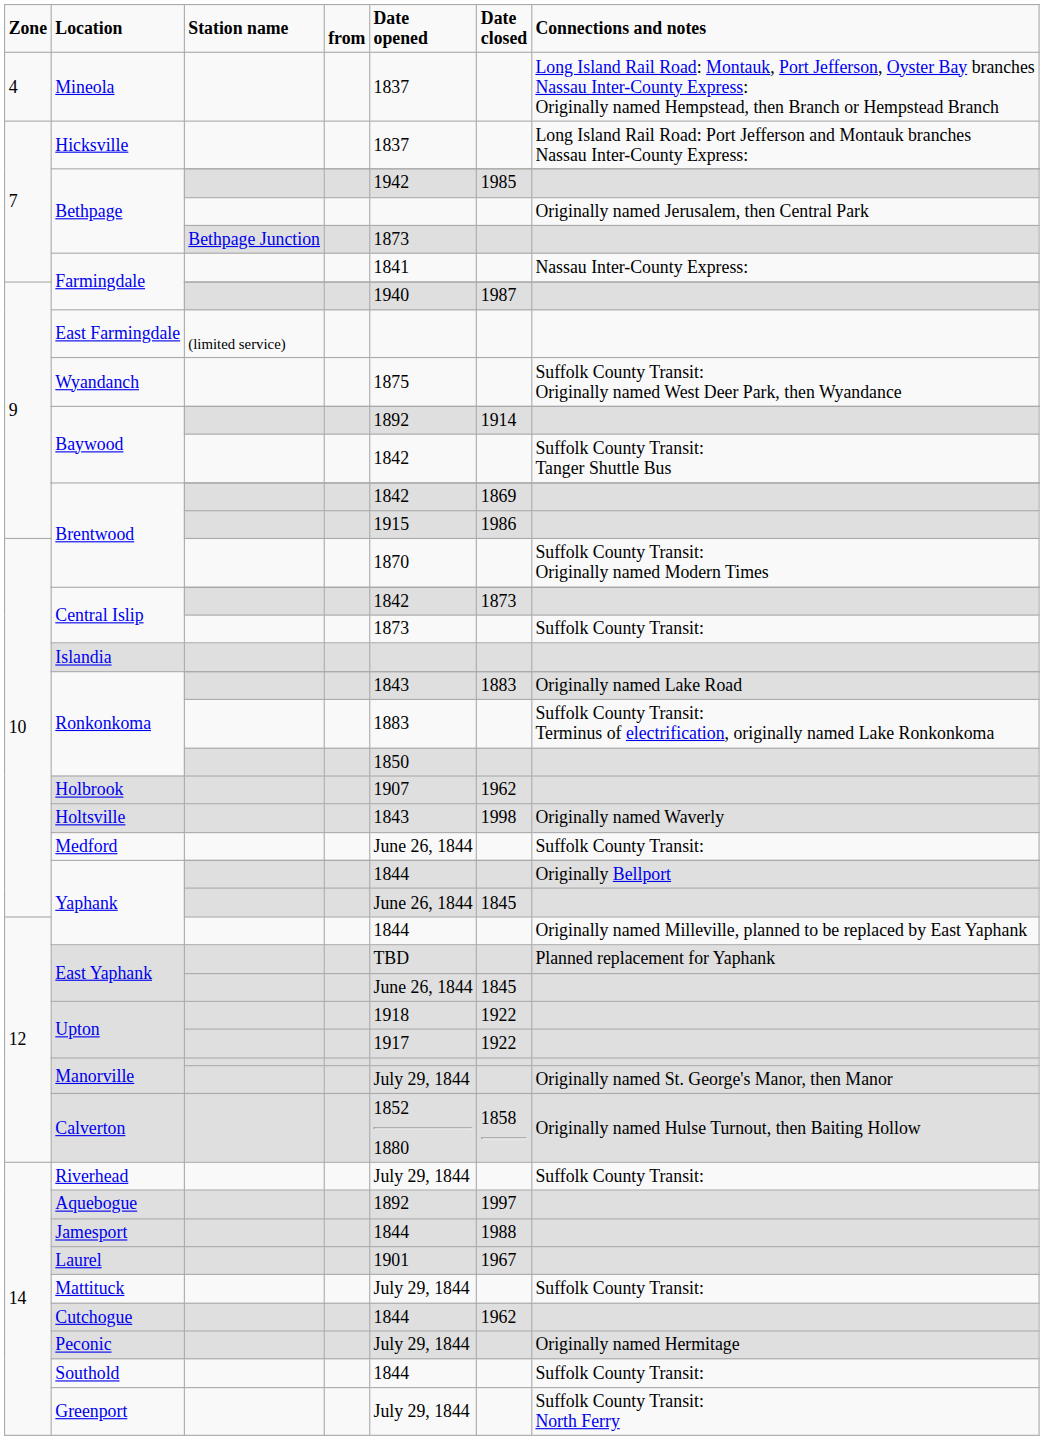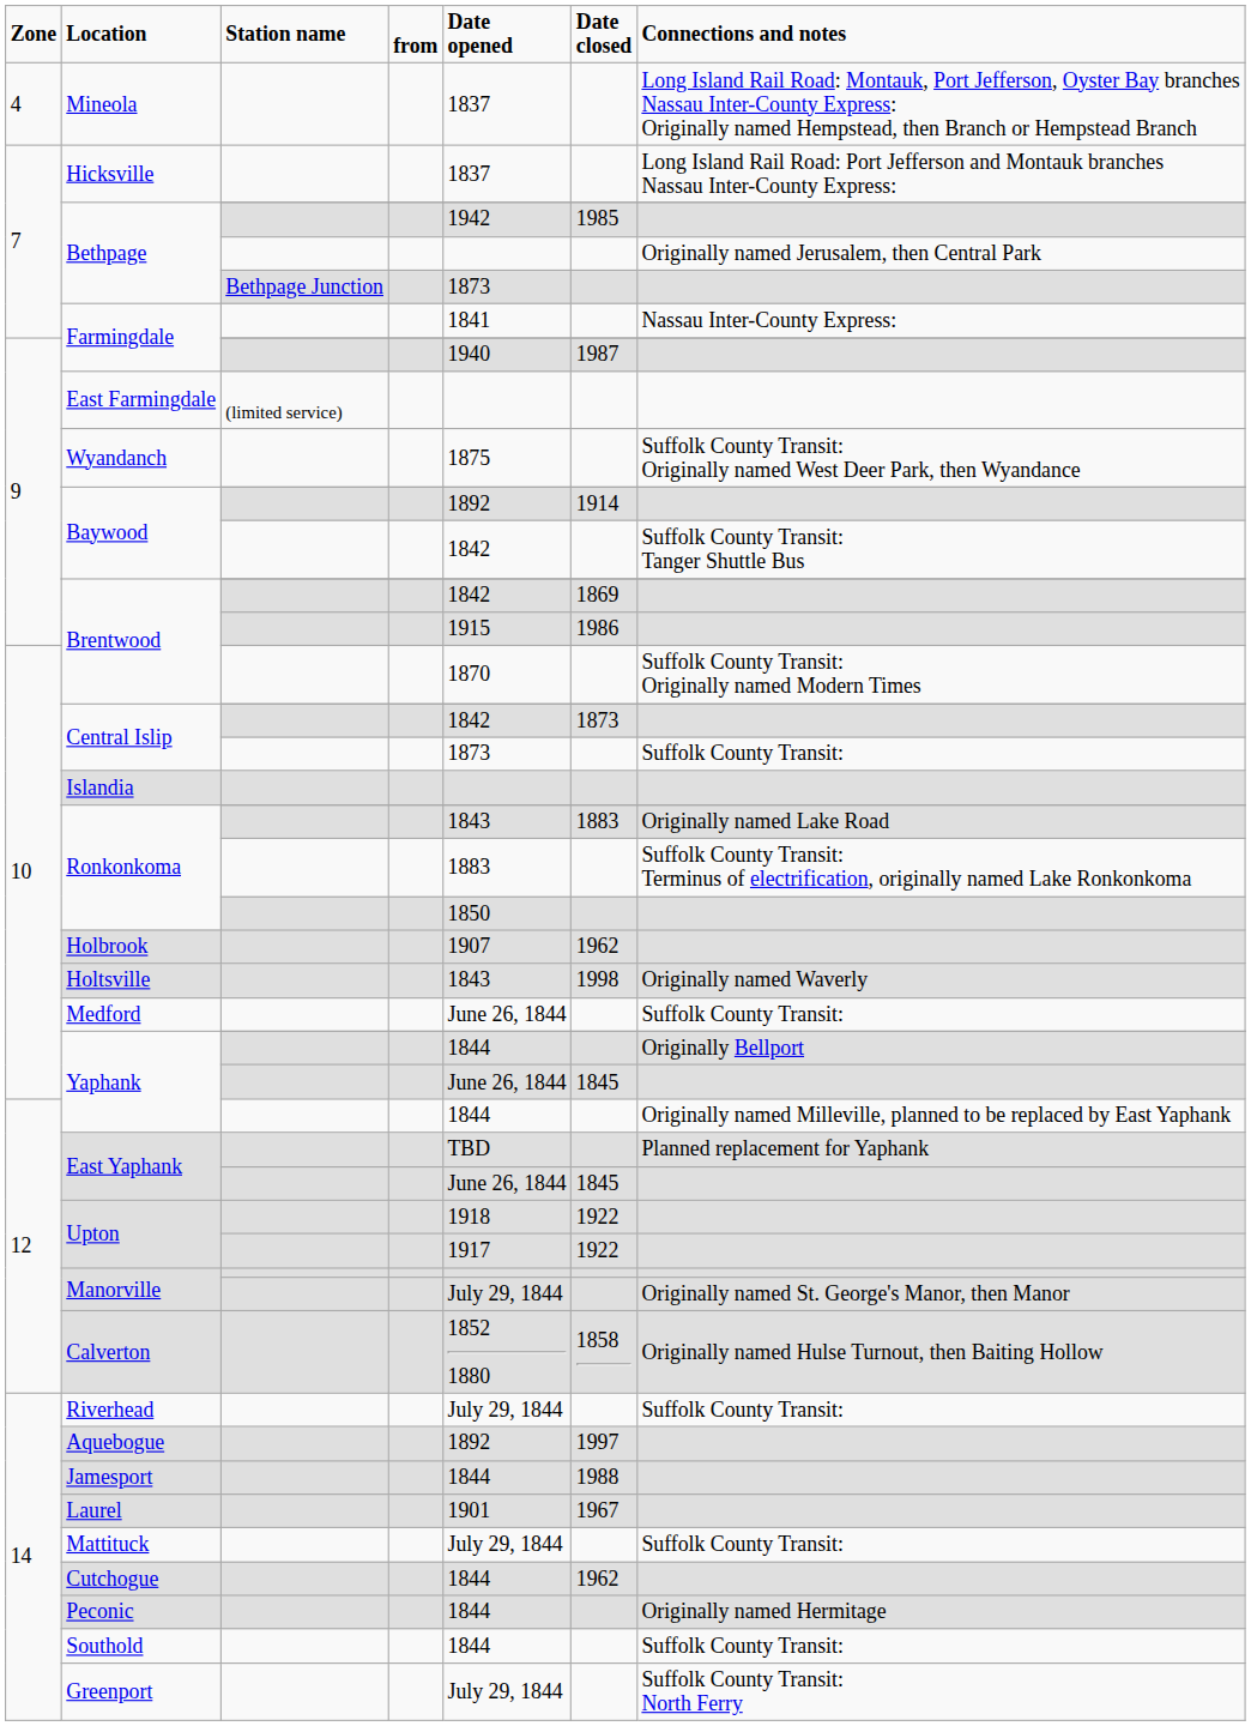 <table class="wikitable" style="font-size: 100%;" |>
 <tr>
 <td style="background:#"><strong>Zone</strong></td>
 <td style="background:#"><strong>Location</strong></td>
 <td style="background:#"><strong>Station name</strong></td>
 <td style="background:#"><strong></strong><br><strong>from </strong></td>
 <td style="background:#"><strong>Date<br>opened</strong></td>
 <td style="background:#"><strong>Date<br>closed</strong></td>
 <td style="background:#"><strong>Connections and notes</strong></td>
 </tr>
 <tr>
 <td>4</td>
 <td><a href='#'>Mineola</a></td>
 <td> </td>
 <td></td>
 <td>1837</td>
 <td></td>
 <td><a href='#'>Long Island Rail Road</a>: <a href='#'>Montauk</a>, <a href='#'>Port Jefferson</a>, <a href='#'>Oyster Bay</a> branches<br><a href='#'>Nassau Inter-County Express</a>: <br>Originally named Hempstead, then Branch or Hempstead Branch</td>
 </tr>
 <tr>
 <td rowspan=6>7</td>
 <td><a href='#'>Hicksville</a></td>
 <td> </td>
 <td></td>
 <td>1837</td>
 <td></td>
 <td>Long Island Rail Road: Port Jefferson and Montauk branches<br>Nassau Inter-County Express: </td>
 </tr>
 <tr>
 <td rowspan=4><a href='#'>Bethpage</a></td>
 </tr>
 <tr bgcolor=dfdfdf>
 <td></td>
 <td></td>
 <td>1942</td>
 <td>1985</td>
 <td></td>
 </tr>
 <tr>
 <td> </td>
 <td></td>
 <td></td>
 <td></td>
 <td>Originally named Jerusalem, then Central Park</td>
 </tr>
 <tr bgcolor=dfdfdf>
 <td><a href='#'>Bethpage Junction</a></td>
 <td></td>
 <td>1873</td>
 <td></td>
 <td></td>
 </tr>
 <tr>
 <td rowspan=3><a href='#'>Farmingdale</a></td>
 <td> </td>
 <td></td>
 <td>1841</td>
 <td></td>
 <td>Nassau Inter-County Express: </td>
 </tr>
 <tr>
 <td rowspan=10>9</td>
 </tr>
 <tr bgcolor=dfdfdf>
 <td></td>
 <td></td>
 <td>1940</td>
 <td>1987</td>
 <td></td>
 </tr>
 <tr>
 <td><a href='#'>East Farmingdale</a></td>
 <td> <br><small>(limited service)</small></td>
 <td></td>
 <td></td>
 <td></td>
 <td></td>
 </tr>
 <tr>
 <td><a href='#'>Wyandanch</a></td>
 <td> </td>
 <td></td>
 <td>1875</td>
 <td></td>
 <td>Suffolk County Transit: <br>Originally named West Deer Park, then Wyandance</td>
 </tr>
 <tr>
 <td rowspan=3><a href='#'>Baywood</a></td>
 </tr>
 <tr bgcolor=dfdfdf>
 <td></td>
 <td></td>
 <td>1892</td>
 <td>1914</td>
 <td></td>
 </tr>
 <tr>
 <td> </td>
 <td></td>
 <td>1842</td>
 <td></td>
 <td>Suffolk County Transit: <br>Tanger Shuttle Bus</td>
 </tr>
 <tr>
 <td rowspan=4><a href='#'>Brentwood</a></td>
 </tr>
 <tr bgcolor=dfdfdf>
 <td></td>
 <td></td>
 <td>1842</td>
 <td>1869</td>
 <td></td>
 </tr>
 <tr bgcolor=dfdfdf>
 <td></td>
 <td></td>
 <td>1915</td>
 <td>1986</td>
 <td></td>
 </tr>
 <tr>
 <td rowspan=15>10</td>
 <td> </td>
 <td></td>
 <td>1870</td>
 <td></td>
 <td>Suffolk County Transit: <br>Originally named Modern Times</td>
 </tr>
 <tr>
 <td rowspan=3><a href='#'>Central Islip</a></td>
 </tr>
 <tr bgcolor=dfdfdf>
 <td></td>
 <td></td>
 <td>1842</td>
 <td>1873</td>
 <td></td>
 </tr>
 <tr>
 <td> </td>
 <td></td>
 <td>1873</td>
 <td></td>
 <td>Suffolk County Transit: </td>
 </tr>
 <tr bgcolor=dfdfdf>
 <td><a href='#'>Islandia</a></td>
 <td></td>
 <td></td>
 <td></td>
 <td></td>
 <td></td>
 </tr>
 <tr>
 <td rowspan=4><a href='#'>Ronkonkoma</a></td>
 </tr>
 <tr bgcolor=dfdfdf>
 <td></td>
 <td></td>
 <td>1843</td>
 <td>1883</td>
 <td>Originally named Lake Road</td>
 </tr>
 <tr>
 <td> </td>
 <td></td>
 <td>1883</td>
 <td></td>
 <td>Suffolk County Transit: <br>Terminus of <a href='#'>electrification</a>, originally named Lake Ronkonkoma</td>
 </tr>
 <tr bgcolor=dfdfdf>
 <td></td>
 <td></td>
 <td>1850</td>
 <td></td>
 <td></td>
 </tr>
 <tr bgcolor=dfdfdf>
 <td><a href='#'>Holbrook</a></td>
 <td></td>
 <td></td>
 <td>1907</td>
 <td>1962</td>
 <td></td>
 </tr>
 <tr bgcolor=dfdfdf>
 <td><a href='#'>Holtsville</a></td>
 <td></td>
 <td></td>
 <td>1843</td>
 <td>1998</td>
 <td>Originally named Waverly</td>
 </tr>
 <tr>
 <td><a href='#'>Medford</a></td>
 <td> </td>
 <td></td>
 <td>June 26, 1844</td>
 <td></td>
 <td>Suffolk County Transit: </td>
 </tr>
 <tr>
 <td rowspan=4><a href='#'>Yaphank</a></td>
 </tr>
 <tr bgcolor=dfdfdf>
 <td></td>
 <td></td>
 <td>1844</td>
 <td></td>
 <td>Originally <a href='#'>Bellport</a></td>
 </tr>
 <tr bgcolor=dfdfdf>
 <td></td>
 <td></td>
 <td>June 26, 1844</td>
 <td>1845</td>
 <td></td>
 </tr>
 <tr>
 <td rowspan=8>12</td>
 <td> </td>
 <td></td>
 <td>1844</td>
 <td></td>
 <td>Originally named Milleville, planned to be replaced by East Yaphank</td>
 </tr>
 <tr bgcolor=dfdfdf>
 <td rowspan=2><a href='#'>East Yaphank</a></td>
 <td></td>
 <td></td>
 <td>TBD</td>
 <td></td>
 <td>Planned replacement for Yaphank</td>
 </tr>
 <tr bgcolor=dfdfdf>
 <td></td>
 <td></td>
 <td>June 26, 1844</td>
 <td>1845</td>
 <td></td>
 </tr>
 <tr bgcolor=dfdfdf>
 <td rowspan=2><a href='#'>Upton</a></td>
 <td></td>
 <td></td>
 <td>1918</td>
 <td>1922</td>
 <td></td>
 </tr>
 <tr bgcolor=dfdfdf>
 <td></td>
 <td></td>
 <td>1917</td>
 <td>1922</td>
 <td></td>
 </tr>
 <tr bgcolor=dfdfdf>
 <td rowspan=2><a href='#'>Manorville</a></td>
 <td></td>
 <td></td>
 <td></td>
 <td></td>
 <td></td>
 </tr>
 <tr bgcolor=dfdfdf>
 <td></td>
 <td></td>
 <td>July 29, 1844</td>
 <td></td>
 <td>Originally named St. George's Manor, then Manor</td>
 </tr>
 <tr bgcolor=dfdfdf>
 <td><a href='#'>Calverton</a></td>
 <td></td>
 <td></td>
 <td>1852<hr>1880</td>
 <td>1858<hr></td>
 <td>Originally named Hulse Turnout, then Baiting Hollow</td>
 </tr>
 <tr>
 <td rowspan=9>14</td>
 <td><a href='#'>Riverhead</a></td>
 <td> </td>
 <td></td>
 <td>July 29, 1844</td>
 <td></td>
 <td>Suffolk County Transit: </td>
 </tr>
 <tr bgcolor=dfdfdf>
 <td><a href='#'>Aquebogue</a></td>
 <td></td>
 <td></td>
 <td>1892</td>
 <td>1997</td>
 <td></td>
 </tr>
 <tr bgcolor=dfdfdf>
 <td><a href='#'>Jamesport</a></td>
 <td></td>
 <td></td>
 <td>1844</td>
 <td>1988</td>
 <td></td>
 </tr>
 <tr bgcolor=dfdfdf>
 <td><a href='#'>Laurel</a></td>
 <td></td>
 <td></td>
 <td>1901</td>
 <td>1967</td>
 <td></td>
 </tr>
 <tr>
 <td><a href='#'>Mattituck</a></td>
 <td> </td>
 <td></td>
 <td>July 29, 1844</td>
 <td></td>
 <td>Suffolk County Transit: </td>
 </tr>
 <tr bgcolor=dfdfdf>
 <td><a href='#'>Cutchogue</a></td>
 <td></td>
 <td></td>
 <td>1844</td>
 <td>1962</td>
 <td></td>
 </tr>
 <tr bgcolor=dfdfdf>
 <td><a href='#'>Peconic</a></td>
 <td></td>
 <td></td>
-<td>July 29, 1844</td>
+<td>1844</td>
 <td></td>
 <td>Originally named Hermitage</td>
 </tr>
 <tr>
 <td><a href='#'>Southold</a></td>
 <td> </td>
 <td></td>
 <td>1844</td>
 <td></td>
 <td>Suffolk County Transit: </td>
 </tr>
 <tr>
 <td><a href='#'>Greenport</a></td>
 <td> </td>
 <td></td>
 <td>July 29, 1844</td>
 <td></td>
 <td>Suffolk County Transit: <br><a href='#'>North Ferry</a></td>
 </tr>
 </table>
